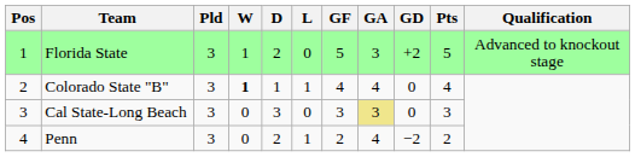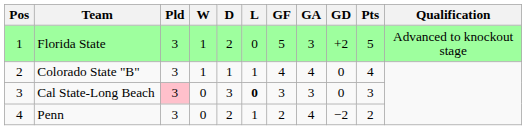 <table class="wikitable" style="text-align:center; margin: 1em auto">
 <tr>
 <th style="width:2em">Pos</th>
 <th style="width:13em">Team</th>
 <th style="width:2em">Pld</th>
 <th style="width:2em">W</th>
 <th style="width:2em">D</th>
 <th style="width:2em">L</th>
 <th style="width:2em">GF</th>
 <th style="width:2em">GA</th>
 <th style="width:2em">GD</th>
 <th style="width:2em">Pts</th>
 <th style="width:13em">Qualification</th>
 </tr>
 <tr bgcolor="#9eff9e">
 <td>1</td>
 <td style="text-align:left">Florida State</td>
 <td>3</td>
 <td>1</td>
 <td>2</td>
 <td>0</td>
 <td>5</td>
 <td>3</td>
 <td>+2</td>
 <td>5</td>
 <td>Advanced to knockout stage</td>
 </tr>
 <tr>
 <td>2</td>
 <td style="text-align:left">Colorado State "B"</td>
 <td>3</td>
-<td><strong>1</strong></td>
+<td>1</td>
 <td>1</td>
 <td>1</td>
 <td>4</td>
 <td>4</td>
 <td>0</td>
 <td>4</td>
 <td rowspan="3"></td>
 </tr>
 <tr>
 <td>3</td>
 <td style="text-align:left">Cal State-Long Beach</td>
-<td>3</td>
+<td style="background: pink;">3</td>
 <td>0</td>
 <td>3</td>
-<td>0</td>
+<td><strong>0</strong></td>
 <td>3</td>
-<td style="background: khaki;">3</td>
+<td>3</td>
 <td>0</td>
 <td>3</td>
 </tr>
 <tr>
 <td>4</td>
 <td style="text-align:left">Penn</td>
 <td>3</td>
 <td>0</td>
 <td>2</td>
 <td>1</td>
 <td>2</td>
 <td>4</td>
 <td>−2</td>
 <td>2</td>
 </tr>
 </table>
